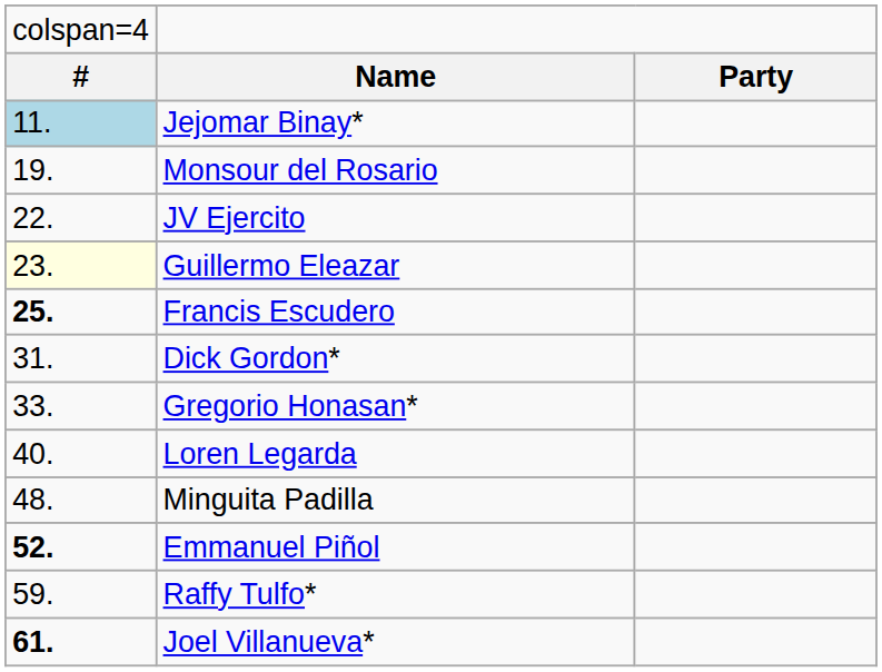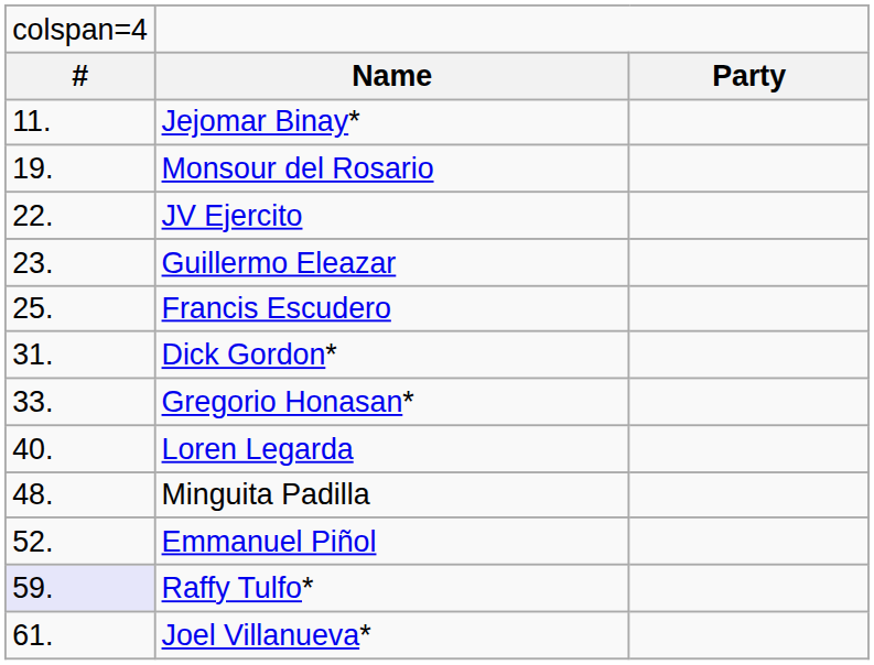 <table class=wikitable style="font-size:90%">
 <tr>
 <td>colspan=4 </td>
 </tr>
 <tr>
 <th>#</th>
 <th width=55%>Name</th>
 <th colspan=2 width=110px>Party</th>
 </tr>
 <tr>
-<td style="background: lightblue;">11.</td>
+<td>11.</td>
 <td><a href='#'>Jejomar Binay</a>*</td>
 <td></td>
 </tr>
 <tr>
 <td>19.</td>
 <td><a href='#'>Monsour del Rosario</a></td>
 <td></td>
 </tr>
 <tr>
 <td>22.</td>
 <td><a href='#'>JV Ejercito</a></td>
 <td></td>
 </tr>
 <tr>
-<td style="background: lightyellow;">23.</td>
+<td>23.</td>
 <td><a href='#'>Guillermo Eleazar</a></td>
 <td></td>
 </tr>
 <tr>
-<td><strong>25.</strong></td>
+<td>25.</td>
 <td><a href='#'>Francis Escudero</a></td>
 <td></td>
 </tr>
 <tr>
 <td>31.</td>
 <td><a href='#'>Dick Gordon</a>*</td>
 <td></td>
 </tr>
 <tr>
 <td>33.</td>
 <td><a href='#'>Gregorio Honasan</a>*</td>
 <td></td>
 </tr>
 <tr>
 <td>40.</td>
 <td><a href='#'>Loren Legarda</a></td>
 <td></td>
 </tr>
 <tr>
 <td>48.</td>
 <td>Minguita Padilla</td>
 <td></td>
 </tr>
 <tr>
-<td><strong>52.</strong></td>
+<td>52.</td>
 <td><a href='#'>Emmanuel Piñol</a></td>
 <td></td>
 </tr>
 <tr>
-<td>59.</td>
+<td style="background: lavender;">59.</td>
 <td><a href='#'>Raffy Tulfo</a>*</td>
 <td></td>
 </tr>
 <tr>
-<td><strong>61.</strong></td>
+<td>61.</td>
 <td><a href='#'>Joel Villanueva</a>*</td>
 <td></td>
 </tr>
 </table>
